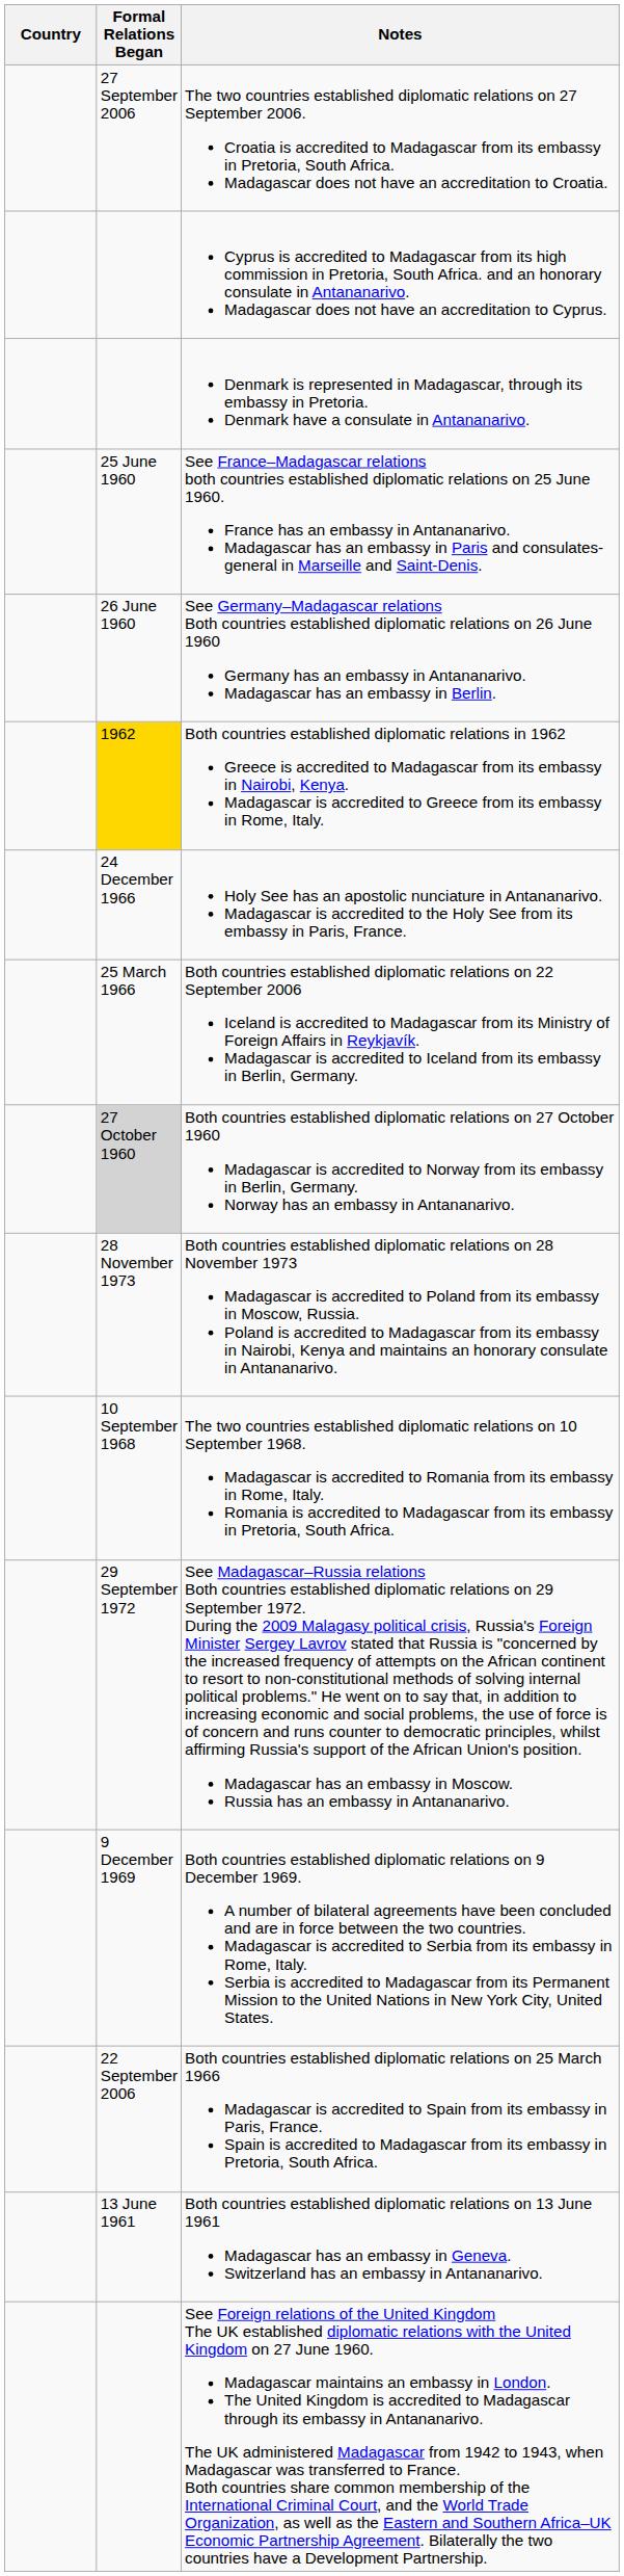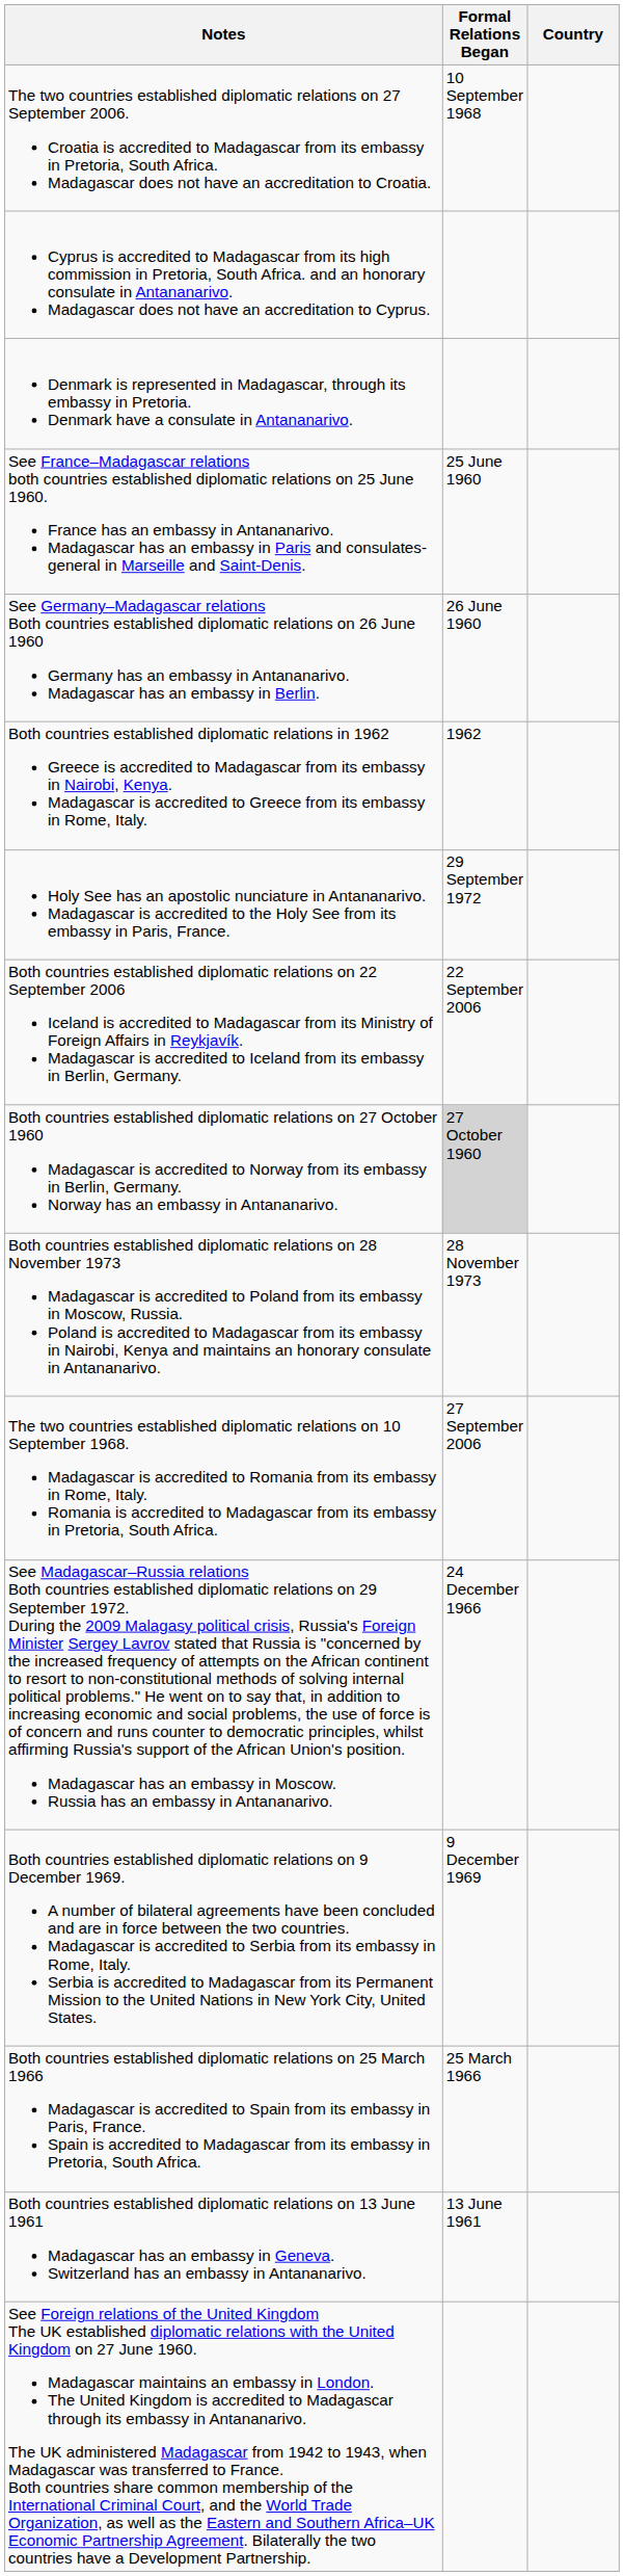 <table class="wikitable sortable" style="width:100%; margin:auto;">
 <tr>
+<th>Notes</th>
+<th style="width:12%;">Formal Relations Began</th>
 <th style="width:15%;">Country</th>
-<th style="width:12%;">Formal Relations Began</th>
-<th>Notes</th>
 </tr>
 <tr valign="top">
+<td><br>The two countries established diplomatic relations on 27 September 2006.<ul><li>Croatia is accredited to Madagascar from its embassy in Pretoria, South Africa.</li><li>Madagascar does not have an accreditation to Croatia.</li></ul></td>
+<td>10 September 1968</td>
 <td></td>
-<td>27 September 2006</td>
-<td><br>The two countries established diplomatic relations on 27 September 2006.<ul><li>Croatia is accredited to Madagascar from its embassy in Pretoria, South Africa.</li><li>Madagascar does not have an accreditation to Croatia.</li></ul></td>
 </tr>
 <tr valign="top">
+<td><br><ul><li>Cyprus is accredited to Madagascar from its high commission in Pretoria, South Africa. and an honorary consulate in <a href='#'>Antananarivo</a>.</li><li>Madagascar does not have an accreditation to Cyprus.</li></ul></td>
 <td></td>
 <td></td>
-<td><br><ul><li>Cyprus is accredited to Madagascar from its high commission in Pretoria, South Africa. and an honorary consulate in <a href='#'>Antananarivo</a>.</li><li>Madagascar does not have an accreditation to Cyprus.</li></ul></td>
 </tr>
 <tr>
+<td><br><ul><li>Denmark is represented in Madagascar, through its embassy in Pretoria.</li><li>Denmark have a consulate in <a href='#'>Antananarivo</a>.</li></ul></td>
 <td></td>
 <td></td>
-<td><br><ul><li>Denmark is represented in Madagascar, through its embassy in Pretoria.</li><li>Denmark have a consulate in <a href='#'>Antananarivo</a>.</li></ul></td>
 </tr>
 <tr valign="top">
+<td>See <a href='#'>France–Madagascar relations</a><br>both countries established diplomatic relations on 25 June 1960.<ul><li>France has an embassy in Antananarivo.</li><li>Madagascar has an embassy in <a href='#'>Paris</a> and consulates-general in <a href='#'>Marseille</a> and <a href='#'>Saint-Denis</a>.</li></ul></td>
+<td>25 June 1960</td>
 <td></td>
-<td>25 June 1960</td>
-<td>See <a href='#'>France–Madagascar relations</a><br>both countries established diplomatic relations on 25 June 1960.<ul><li>France has an embassy in Antananarivo.</li><li>Madagascar has an embassy in <a href='#'>Paris</a> and consulates-general in <a href='#'>Marseille</a> and <a href='#'>Saint-Denis</a>.</li></ul></td>
 </tr>
 <tr valign="top">
+<td>See <a href='#'>Germany–Madagascar relations</a><br>Both countries established diplomatic relations on 26 June 1960<ul><li>Germany has an embassy in Antananarivo.</li><li>Madagascar has an embassy in <a href='#'>Berlin</a>.</li></ul></td>
+<td>26 June 1960</td>
 <td></td>
-<td>26 June 1960</td>
-<td>See <a href='#'>Germany–Madagascar relations</a><br>Both countries established diplomatic relations on 26 June 1960<ul><li>Germany has an embassy in Antananarivo.</li><li>Madagascar has an embassy in <a href='#'>Berlin</a>.</li></ul></td>
 </tr>
 <tr valign="top">
+<td>Both countries established diplomatic relations in 1962<br><ul><li>Greece is accredited to Madagascar from its embassy in <a href='#'>Nairobi</a>, <a href='#'>Kenya</a>.</li><li>Madagascar is accredited to Greece from its embassy in Rome, Italy.</li></ul></td>
+<td>1962</td>
 <td></td>
-<td style="background: gold;">1962</td>
-<td>Both countries established diplomatic relations in 1962<br><ul><li>Greece is accredited to Madagascar from its embassy in <a href='#'>Nairobi</a>, <a href='#'>Kenya</a>.</li><li>Madagascar is accredited to Greece from its embassy in Rome, Italy.</li></ul></td>
 </tr>
 <tr valign="top">
+<td><br><ul><li>Holy See has an apostolic nunciature in Antananarivo.</li><li>Madagascar is accredited to the Holy See from its embassy in Paris, France.</li></ul></td>
+<td>29 September 1972</td>
 <td></td>
-<td>24 December 1966</td>
-<td><br><ul><li>Holy See has an apostolic nunciature in Antananarivo.</li><li>Madagascar is accredited to the Holy See from its embassy in Paris, France.</li></ul></td>
 </tr>
 <tr valign="top">
+<td>Both countries established diplomatic relations on 22 September 2006<br><ul><li>Iceland is accredited to Madagascar from its Ministry of Foreign Affairs in <a href='#'>Reykjavík</a>.</li><li>Madagascar is accredited to Iceland from its embassy in Berlin, Germany.</li></ul></td>
+<td>22 September 2006</td>
 <td></td>
-<td>25 March 1966</td>
-<td>Both countries established diplomatic relations on 22 September 2006<br><ul><li>Iceland is accredited to Madagascar from its Ministry of Foreign Affairs in <a href='#'>Reykjavík</a>.</li><li>Madagascar is accredited to Iceland from its embassy in Berlin, Germany.</li></ul></td>
 </tr>
 <tr valign="top">
+<td>Both countries established diplomatic relations on 27 October 1960<br><ul><li>Madagascar is accredited to Norway from its embassy in Berlin, Germany.</li><li>Norway has an embassy in Antananarivo.</li></ul></td>
+<td style="background: lightgrey;">27 October 1960</td>
 <td></td>
-<td style="background: lightgrey;">27 October 1960</td>
-<td>Both countries established diplomatic relations on 27 October 1960<br><ul><li>Madagascar is accredited to Norway from its embassy in Berlin, Germany.</li><li>Norway has an embassy in Antananarivo.</li></ul></td>
 </tr>
 <tr valign="top">
+<td>Both countries established diplomatic relations on 28 November 1973<br><ul><li>Madagascar is accredited to Poland from its embassy in Moscow, Russia.</li><li>Poland is accredited to Madagascar from its embassy in Nairobi, Kenya and maintains an honorary consulate in Antananarivo.</li></ul></td>
+<td>28 November 1973</td>
 <td></td>
-<td>28 November 1973</td>
-<td>Both countries established diplomatic relations on 28 November 1973<br><ul><li>Madagascar is accredited to Poland from its embassy in Moscow, Russia.</li><li>Poland is accredited to Madagascar from its embassy in Nairobi, Kenya and maintains an honorary consulate in Antananarivo.</li></ul></td>
 </tr>
 <tr valign="top">
+<td><br>The two countries established diplomatic relations on 10 September 1968.<ul><li>Madagascar is accredited to Romania from its embassy in Rome, Italy.</li><li>Romania is accredited to Madagascar from its embassy in Pretoria, South Africa.</li></ul></td>
+<td>27 September 2006</td>
 <td></td>
-<td>10 September 1968</td>
-<td><br>The two countries established diplomatic relations on 10 September 1968.<ul><li>Madagascar is accredited to Romania from its embassy in Rome, Italy.</li><li>Romania is accredited to Madagascar from its embassy in Pretoria, South Africa.</li></ul></td>
 </tr>
 <tr valign="top">
+<td>See <a href='#'>Madagascar–Russia relations</a><br>Both countries established diplomatic relations on 29 September 1972.<br>During the <a href='#'>2009 Malagasy political crisis</a>, Russia's <a href='#'>Foreign Minister</a> <a href='#'>Sergey Lavrov</a> stated that Russia is "concerned by the increased frequency of attempts on the African continent to resort to non-constitutional methods of solving internal political problems." He went on to say that, in addition to increasing economic and social problems, the use of force is of concern and runs counter to democratic principles, whilst affirming Russia's support of the African Union's position.<ul><li>Madagascar has an embassy in Moscow.</li><li>Russia has an embassy in Antananarivo.</li></ul></td>
+<td>24 December 1966</td>
 <td></td>
-<td>29 September 1972</td>
-<td>See <a href='#'>Madagascar–Russia relations</a><br>Both countries established diplomatic relations on 29 September 1972.<br>During the <a href='#'>2009 Malagasy political crisis</a>, Russia's <a href='#'>Foreign Minister</a> <a href='#'>Sergey Lavrov</a> stated that Russia is "concerned by the increased frequency of attempts on the African continent to resort to non-constitutional methods of solving internal political problems." He went on to say that, in addition to increasing economic and social problems, the use of force is of concern and runs counter to democratic principles, whilst affirming Russia's support of the African Union's position.<ul><li>Madagascar has an embassy in Moscow.</li><li>Russia has an embassy in Antananarivo.</li></ul></td>
 </tr>
 <tr valign="top">
+<td><br>Both countries established diplomatic relations on 9 December 1969.<ul><li>A number of bilateral agreements have been concluded and are in force between the two countries.</li><li>Madagascar is accredited to Serbia from its embassy in Rome, Italy.</li><li>Serbia is accredited to Madagascar from its Permanent Mission to the United Nations in New York City, United States.</li></ul></td>
+<td>9 December 1969</td>
 <td></td>
-<td>9 December 1969</td>
-<td><br>Both countries established diplomatic relations on 9 December 1969.<ul><li>A number of bilateral agreements have been concluded and are in force between the two countries.</li><li>Madagascar is accredited to Serbia from its embassy in Rome, Italy.</li><li>Serbia is accredited to Madagascar from its Permanent Mission to the United Nations in New York City, United States.</li></ul></td>
 </tr>
 <tr valign="top">
+<td>Both countries established diplomatic relations on 25 March 1966<br><ul><li>Madagascar is accredited to Spain from its embassy in Paris, France.</li><li>Spain is accredited to Madagascar from its embassy in Pretoria, South Africa.</li></ul></td>
+<td>25 March 1966</td>
 <td></td>
-<td>22 September 2006</td>
-<td>Both countries established diplomatic relations on 25 March 1966<br><ul><li>Madagascar is accredited to Spain from its embassy in Paris, France.</li><li>Spain is accredited to Madagascar from its embassy in Pretoria, South Africa.</li></ul></td>
 </tr>
 <tr valign="top">
+<td>Both countries established diplomatic relations on 13 June 1961<br><ul><li>Madagascar has an embassy in <a href='#'>Geneva</a>.</li><li>Switzerland has an embassy in Antananarivo.</li></ul></td>
+<td>13 June 1961</td>
 <td></td>
-<td>13 June 1961</td>
-<td>Both countries established diplomatic relations on 13 June 1961<br><ul><li>Madagascar has an embassy in <a href='#'>Geneva</a>.</li><li>Switzerland has an embassy in Antananarivo.</li></ul></td>
 </tr>
 <tr valign="top">
+<td>See <a href='#'>Foreign relations of the United Kingdom</a><br>The UK established <a href='#'>diplomatic relations with the United Kingdom</a> on 27 June 1960.<ul><li>Madagascar maintains an embassy in <a href='#'>London</a>.</li><li>The United Kingdom is accredited to Madagascar through its embassy in Antananarivo.</li></ul>The UK administered <a href='#'>Madagascar</a> from 1942 to 1943, when Madagascar was transferred to France.<br>Both countries share common membership of the <a href='#'>International Criminal Court</a>, and the <a href='#'>World Trade Organization</a>, as well as the <a href='#'>Eastern and Southern Africa–UK Economic Partnership Agreement</a>. Bilaterally the two countries have a Development Partnership.</td>
 <td></td>
 <td></td>
-<td>See <a href='#'>Foreign relations of the United Kingdom</a><br>The UK established <a href='#'>diplomatic relations with the United Kingdom</a> on 27 June 1960.<ul><li>Madagascar maintains an embassy in <a href='#'>London</a>.</li><li>The United Kingdom is accredited to Madagascar through its embassy in Antananarivo.</li></ul>The UK administered <a href='#'>Madagascar</a> from 1942 to 1943, when Madagascar was transferred to France.<br>Both countries share common membership of the <a href='#'>International Criminal Court</a>, and the <a href='#'>World Trade Organization</a>, as well as the <a href='#'>Eastern and Southern Africa–UK Economic Partnership Agreement</a>. Bilaterally the two countries have a Development Partnership.</td>
 </tr>
 </table>
